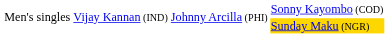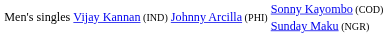 <table>
 <tr>
 <td rowspan=2>Men's singles</td>
 <td rowspan=2> <a href='#'>Vijay Kannan</a><small> (IND)</small></td>
 <td rowspan=2> <a href='#'>Johnny Arcilla</a><small> (PHI)</small></td>
 <td> <a href='#'>Sonny Kayombo</a><small> (COD)</small></td>
 </tr>
 <tr>
-<td style="background: gold;"> <a href='#'>Sunday Maku</a><small> (NGR)</small></td>
+<td> <a href='#'>Sunday Maku</a><small> (NGR)</small></td>
 </tr>
 </table>
